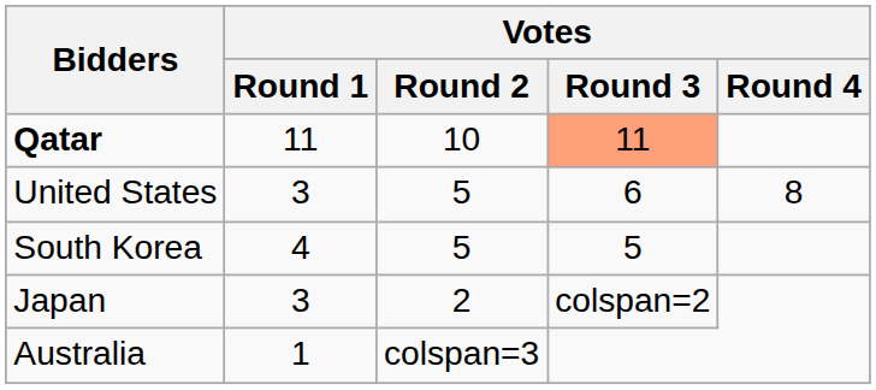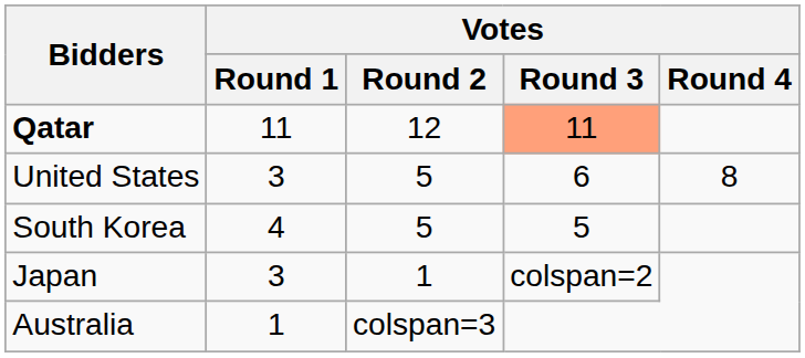 <table class="wikitable sortable">
 <tr>
 <th rowspan=2>Bidders</th>
 <th colspan=4>Votes</th>
 </tr>
 <tr>
 <th>Round 1</th>
 <th>Round 2</th>
 <th>Round 3</th>
 <th>Round 4</th>
 </tr>
 <tr>
 <td align="left"><strong>Qatar</strong></td>
 <td style="text-align:center;">11</td>
-<td style="text-align:center;">10</td>
+<td style="text-align:center;">12</td>
 <td style="background: lightsalmon; text-align:center;">11</td>
 <td></td>
 </tr>
 <tr>
 <td align="left">United States</td>
 <td style="text-align:center;">3</td>
 <td style="text-align:center;">5</td>
 <td style="text-align:center;">6</td>
 <td style="text-align:center;">8</td>
 </tr>
 <tr>
 <td align="left">South Korea</td>
 <td style="text-align:center;">4</td>
 <td style="text-align:center;">5</td>
 <td style="text-align:center;">5</td>
 <td></td>
 </tr>
 <tr>
 <td align="left">Japan</td>
 <td style="text-align:center;">3</td>
-<td style="text-align:center;">2</td>
+<td style="text-align:center;">1</td>
 <td>colspan=2 </td>
 </tr>
 <tr>
 <td align="left">Australia</td>
 <td style="text-align:center;">1</td>
 <td>colspan=3 </td>
 </tr>
 </table>
